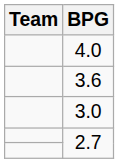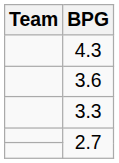 <table class=wikitable>
 <tr>
 <th>Team</th>
 <th>BPG</th>
 </tr>
 <tr>
 <td></td>
-<td align=center>4.0</td>
+<td align=center>4.3</td>
 </tr>
 <tr>
 <td></td>
 <td align=center>3.6</td>
 </tr>
 <tr>
 <td></td>
-<td align=center>3.0</td>
+<td align=center>3.3</td>
 </tr>
 <tr>
 <td></td>
 <td align=center rowspan=2>2.7</td>
 </tr>
 <tr>
 <td></td>
 </tr>
 </table>
